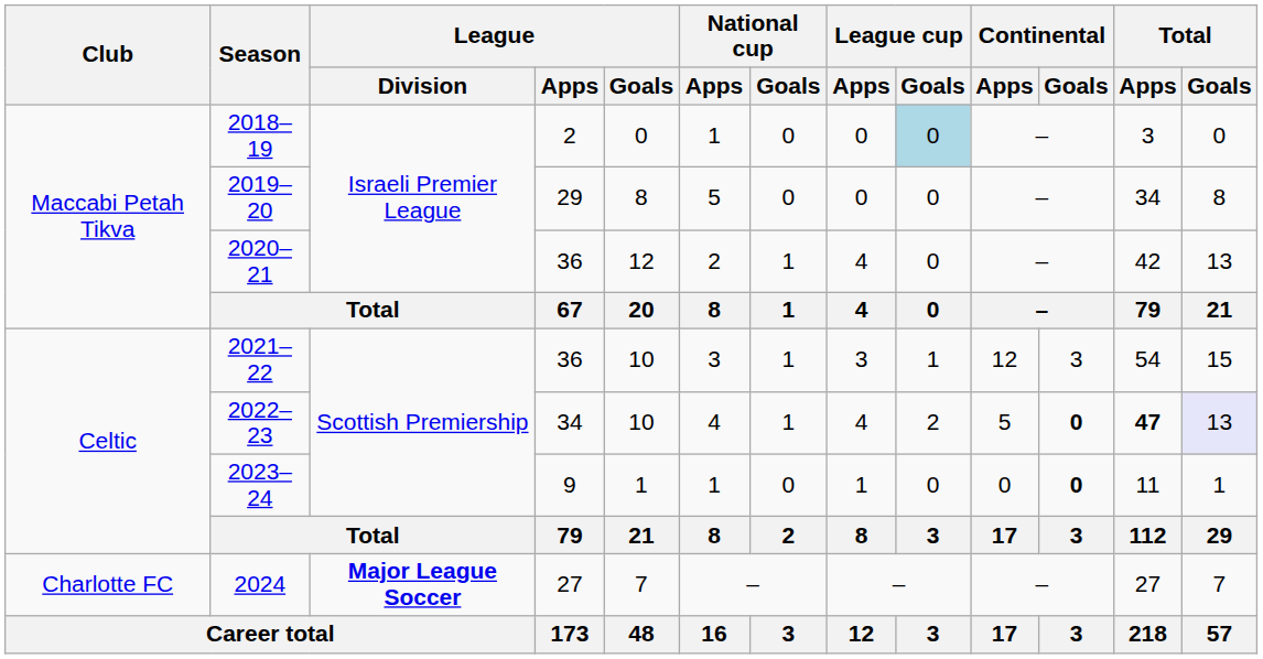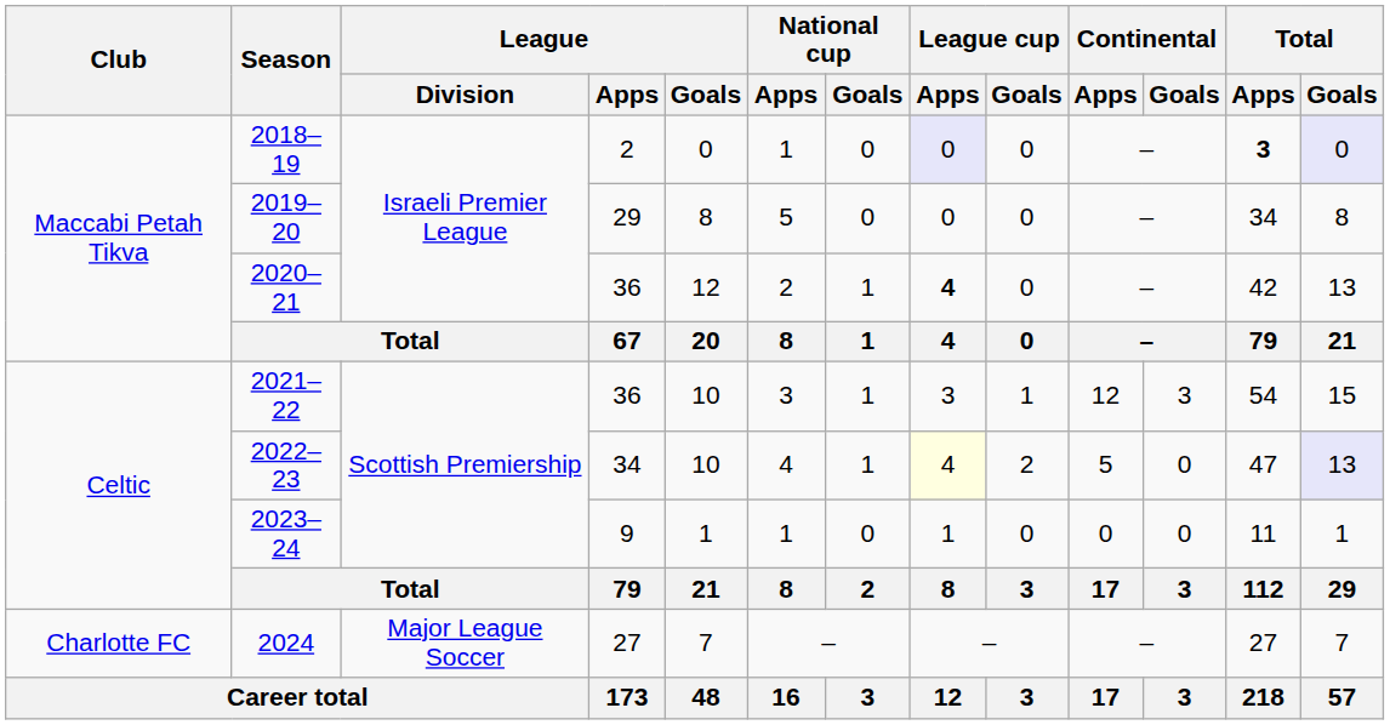 <table class="wikitable" style="text-align:center">
 <tr>
 <th rowspan="2">Club</th>
 <th rowspan="2">Season</th>
 <th colspan="3">League</th>
 <th colspan="2">National cup</th>
 <th colspan="2">League cup</th>
 <th colspan="2">Continental</th>
 <th colspan="2">Total</th>
 </tr>
 <tr>
 <th>Division</th>
 <th>Apps</th>
 <th>Goals</th>
 <th>Apps</th>
 <th>Goals</th>
 <th>Apps</th>
 <th>Goals</th>
 <th>Apps</th>
 <th>Goals</th>
 <th>Apps</th>
 <th>Goals</th>
 </tr>
 <tr>
 <td rowspan="4"><a href='#'>Maccabi Petah Tikva</a></td>
 <td><a href='#'>2018–19</a></td>
 <td rowspan="3"><a href='#'>Israeli Premier League</a></td>
 <td>2</td>
 <td>0</td>
 <td>1</td>
 <td>0</td>
+<td style="background: lavender;">0</td>
 <td>0</td>
-<td style="background: lightblue;">0</td>
 <td colspan="2">–</td>
-<td>3</td>
-<td>0</td>
+<td><strong>3</strong></td>
+<td style="background: lavender;">0</td>
 </tr>
 <tr>
 <td><a href='#'>2019–20</a></td>
 <td>29</td>
 <td>8</td>
 <td>5</td>
 <td>0</td>
 <td>0</td>
 <td>0</td>
 <td colspan="2">–</td>
 <td>34</td>
 <td>8</td>
 </tr>
 <tr>
 <td><a href='#'>2020–21</a></td>
 <td>36</td>
 <td>12</td>
 <td>2</td>
 <td>1</td>
-<td>4</td>
+<td><strong>4</strong></td>
 <td>0</td>
 <td colspan="2">–</td>
 <td>42</td>
 <td>13</td>
 </tr>
 <tr>
 <th colspan="2">Total</th>
 <th>67</th>
 <th>20</th>
 <th>8</th>
 <th>1</th>
 <th>4</th>
 <th>0</th>
 <th colspan="2">–</th>
 <th>79</th>
 <th>21</th>
 </tr>
 <tr>
 <td rowspan="4"><a href='#'>Celtic</a></td>
 <td><a href='#'>2021–22</a></td>
 <td rowspan="3"><a href='#'>Scottish Premiership</a></td>
 <td>36</td>
 <td>10</td>
 <td>3</td>
 <td>1</td>
 <td>3</td>
 <td>1</td>
 <td>12</td>
 <td>3</td>
 <td>54</td>
 <td>15</td>
 </tr>
 <tr>
 <td><a href='#'>2022–23</a></td>
 <td>34</td>
 <td>10</td>
 <td>4</td>
 <td>1</td>
-<td>4</td>
+<td style="background: lightyellow;">4</td>
 <td>2</td>
 <td>5</td>
-<td><strong>0</strong></td>
-<td><strong>47</strong></td>
+<td>0</td>
+<td>47</td>
 <td style="background: lavender;">13</td>
 </tr>
 <tr>
 <td><a href='#'>2023–24</a></td>
 <td>9</td>
 <td>1</td>
 <td>1</td>
 <td>0</td>
 <td>1</td>
 <td>0</td>
 <td>0</td>
-<td><strong>0</strong></td>
+<td>0</td>
 <td>11</td>
 <td>1</td>
 </tr>
 <tr>
 <th colspan="2">Total</th>
 <th>79</th>
 <th>21</th>
 <th>8</th>
 <th>2</th>
 <th>8</th>
 <th>3</th>
 <th>17</th>
 <th>3</th>
 <th>112</th>
 <th>29</th>
 </tr>
 <tr>
 <td><a href='#'>Charlotte FC</a></td>
 <td><a href='#'>2024</a></td>
-<td><strong><a href='#'>Major League Soccer</a></strong></td>
+<td><a href='#'>Major League Soccer</a></td>
 <td>27</td>
 <td>7</td>
 <td colspan="2">–</td>
 <td colspan="2">–</td>
 <td colspan="2">–</td>
 <td>27</td>
 <td>7</td>
 </tr>
 <tr>
 <th colspan="3">Career total</th>
 <th>173</th>
 <th>48</th>
 <th>16</th>
 <th>3</th>
 <th>12</th>
 <th>3</th>
 <th>17</th>
 <th>3</th>
 <th>218</th>
 <th>57</th>
 </tr>
 </table>
